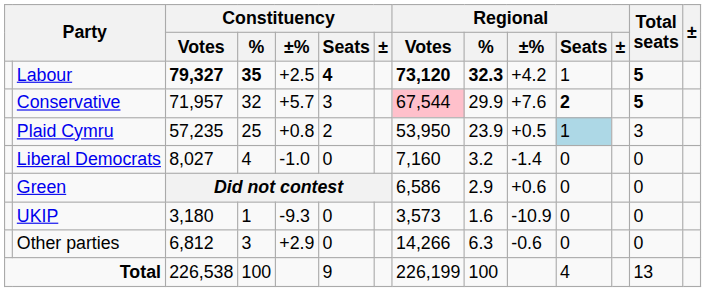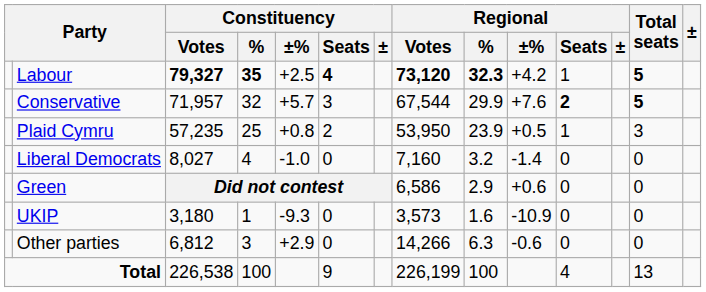 <table class="wikitable">
 <tr>
 <th colspan="2" rowspan="2">Party</th>
 <th colspan="5">Constituency</th>
 <th colspan="5">Regional</th>
 <th rowspan="2">Total<br>seats</th>
 <th rowspan="2">±</th>
 </tr>
 <tr>
 <th>Votes</th>
 <th>%</th>
 <th>±%</th>
 <th>Seats</th>
 <th>±</th>
 <th>Votes</th>
 <th>%</th>
 <th>±%</th>
 <th>Seats</th>
 <th>±</th>
 </tr>
 <tr>
 <td style="color:inherit;background:"></td>
 <td><a href='#'>Labour</a></td>
 <td><strong>79,327</strong></td>
 <td><strong>35</strong></td>
 <td>+2.5</td>
 <td><strong>4</strong></td>
 <td></td>
 <td><strong>73,120</strong></td>
 <td><strong>32.3</strong></td>
 <td>+4.2</td>
 <td>1</td>
 <td></td>
 <td><strong>5</strong></td>
 <td></td>
 </tr>
 <tr>
 <td style="color:inherit;background:"></td>
 <td><a href='#'>Conservative</a></td>
 <td>71,957</td>
 <td>32</td>
 <td>+5.7</td>
 <td>3</td>
 <td></td>
-<td style="background: pink;">67,544</td>
+<td>67,544</td>
 <td>29.9</td>
 <td>+7.6</td>
 <td><strong>2</strong></td>
 <td></td>
 <td><strong>5</strong></td>
 <td></td>
 </tr>
 <tr>
 <td style="color:inherit;background:"></td>
 <td><a href='#'>Plaid Cymru</a></td>
 <td>57,235</td>
 <td>25</td>
 <td>+0.8</td>
 <td>2</td>
 <td></td>
 <td>53,950</td>
 <td>23.9</td>
 <td>+0.5</td>
-<td style="background: lightblue;">1</td>
+<td>1</td>
 <td></td>
 <td>3</td>
 <td></td>
 </tr>
 <tr>
 <td style="color:inherit;background:"></td>
 <td><a href='#'>Liberal Democrats</a></td>
 <td>8,027</td>
 <td>4</td>
 <td>-1.0</td>
 <td>0</td>
 <td></td>
 <td>7,160</td>
 <td>3.2</td>
 <td>-1.4</td>
 <td>0</td>
 <td></td>
 <td>0</td>
 <td></td>
 </tr>
 <tr>
 <td style="color:inherit;background:"></td>
 <td><a href='#'>Green</a></td>
 <th colspan=5><em>Did not contest</em></th>
 <td>6,586</td>
 <td>2.9</td>
 <td>+0.6</td>
 <td>0</td>
 <td></td>
 <td>0</td>
 <td></td>
 </tr>
 <tr>
 <td style="color:inherit;background:"></td>
 <td><a href='#'>UKIP</a></td>
 <td>3,180</td>
 <td>1</td>
 <td>-9.3</td>
 <td>0</td>
 <td></td>
 <td>3,573</td>
 <td>1.6</td>
 <td>-10.9</td>
 <td>0</td>
 <td></td>
 <td>0</td>
 <td></td>
 </tr>
 <tr>
 <td style="color:inherit;background:"></td>
 <td>Other parties</td>
 <td>6,812</td>
 <td>3</td>
 <td>+2.9</td>
 <td>0</td>
 <td></td>
 <td>14,266</td>
 <td>6.3</td>
 <td>-0.6</td>
 <td>0</td>
 <td></td>
 <td>0</td>
 <td></td>
 </tr>
 <tr>
 <td colspan=2 align="right"><strong>Total</strong></td>
 <td>226,538</td>
 <td>100</td>
 <td></td>
 <td>9</td>
 <td></td>
 <td>226,199</td>
 <td>100</td>
 <td></td>
 <td>4</td>
 <td></td>
 <td>13</td>
 <td></td>
 </tr>
 </table>
